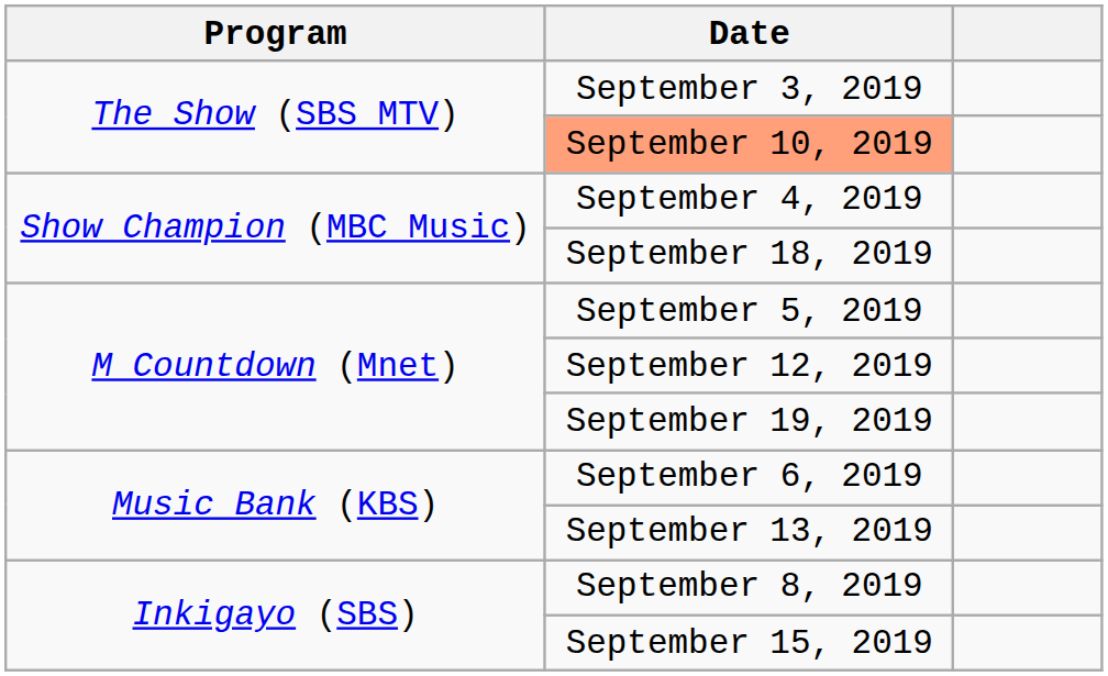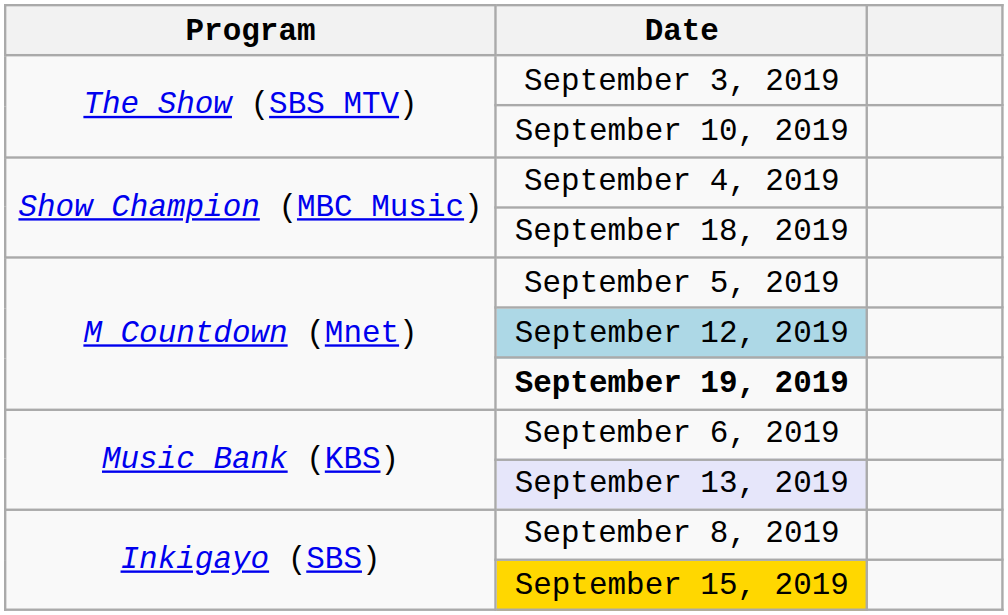 <table class="wikitable" style="text-align:center;">
 <tr>
 <th style="width:200px;">Program</th>
 <th style="width:150px;">Date</th>
 <th style="width:50px;"></th>
 </tr>
 <tr>
 <td rowspan="2"><em><a href='#'>The Show</a></em> (<a href='#'>SBS MTV</a>)</td>
 <td>September 3, 2019</td>
 <td></td>
 </tr>
 <tr>
-<td style="background: lightsalmon;">September 10, 2019</td>
+<td>September 10, 2019</td>
 <td></td>
 </tr>
 <tr>
 <td rowspan="2"><em><a href='#'>Show Champion</a></em> (<a href='#'>MBC Music</a>)</td>
 <td>September 4, 2019</td>
 <td></td>
 </tr>
 <tr>
 <td>September 18, 2019</td>
 <td></td>
 </tr>
 <tr>
 <td rowspan="3"><em><a href='#'>M Countdown</a></em> (<a href='#'>Mnet</a>)</td>
 <td>September 5, 2019</td>
 <td></td>
 </tr>
 <tr>
-<td>September 12, 2019</td>
+<td style="background: lightblue;">September 12, 2019</td>
 <td></td>
 </tr>
 <tr>
-<td>September 19, 2019</td>
+<td><strong>September 19, 2019</strong></td>
 <td></td>
 </tr>
 <tr>
 <td rowspan="2"><em><a href='#'>Music Bank</a></em> (<a href='#'>KBS</a>)</td>
 <td>September 6, 2019</td>
 <td></td>
 </tr>
 <tr>
-<td>September 13, 2019</td>
+<td style="background: lavender;">September 13, 2019</td>
 <td></td>
 </tr>
 <tr>
 <td rowspan="2"><em><a href='#'>Inkigayo</a></em> (<a href='#'>SBS</a>)</td>
 <td>September 8, 2019</td>
 <td></td>
 </tr>
 <tr>
-<td>September 15, 2019</td>
+<td style="background: gold;">September 15, 2019</td>
 <td></td>
 </tr>
 </table>
